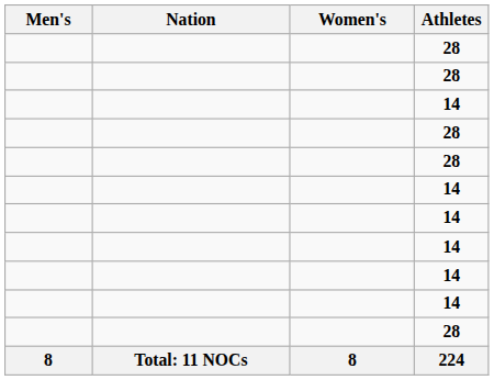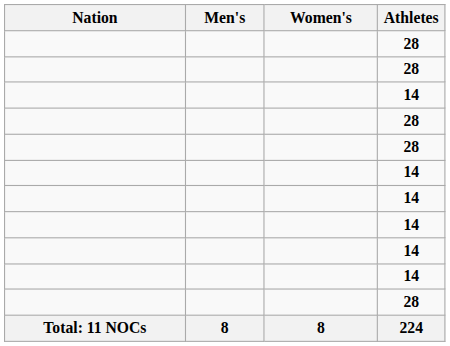 <table class="wikitable sortable" width=405 style="text-align:center; font-size:90%">
 <tr>
+<th>Nation</th>
 <th>Men's</th>
-<th>Nation</th>
 <th>Women's</th>
 <th width=55>Athletes</th>
 </tr>
 <tr>
+<td style="text-align:left;"></td>
 <td></td>
-<td style="text-align:left;"></td>
 <td></td>
 <td><strong>28</strong></td>
 </tr>
 <tr>
+<td style="text-align:left;"></td>
 <td></td>
-<td style="text-align:left;"></td>
 <td></td>
 <td><strong>28</strong></td>
 </tr>
 <tr>
+<td style="text-align:left;"></td>
 <td></td>
-<td style="text-align:left;"></td>
 <td></td>
 <td><strong>14</strong></td>
 </tr>
 <tr>
+<td style="text-align:left;"></td>
 <td></td>
-<td style="text-align:left;"></td>
 <td></td>
 <td><strong>28</strong></td>
 </tr>
 <tr>
+<td style="text-align:left;"></td>
 <td></td>
-<td style="text-align:left;"></td>
 <td></td>
 <td><strong>28</strong></td>
 </tr>
 <tr>
+<td style="text-align:left;"></td>
 <td></td>
-<td style="text-align:left;"></td>
 <td></td>
 <td><strong>14</strong></td>
 </tr>
 <tr>
+<td style="text-align:left;"></td>
 <td></td>
-<td style="text-align:left;"></td>
 <td></td>
 <td><strong>14</strong></td>
 </tr>
 <tr>
+<td style="text-align:left;"></td>
 <td></td>
-<td style="text-align:left;"></td>
 <td></td>
 <td><strong>14</strong></td>
 </tr>
 <tr>
+<td style="text-align:left;"></td>
 <td></td>
-<td style="text-align:left;"></td>
 <td></td>
 <td><strong>14</strong></td>
 </tr>
 <tr>
+<td style="text-align:left;"></td>
 <td></td>
-<td style="text-align:left;"></td>
 <td></td>
 <td><strong>14</strong></td>
 </tr>
 <tr>
+<td style="text-align:left;"></td>
 <td></td>
-<td style="text-align:left;"></td>
 <td></td>
 <td><strong>28</strong></td>
 </tr>
 <tr>
+<th>Total: 11 NOCs</th>
 <th>8</th>
-<th>Total: 11 NOCs</th>
 <th>8</th>
 <th>224</th>
 </tr>
 </table>
